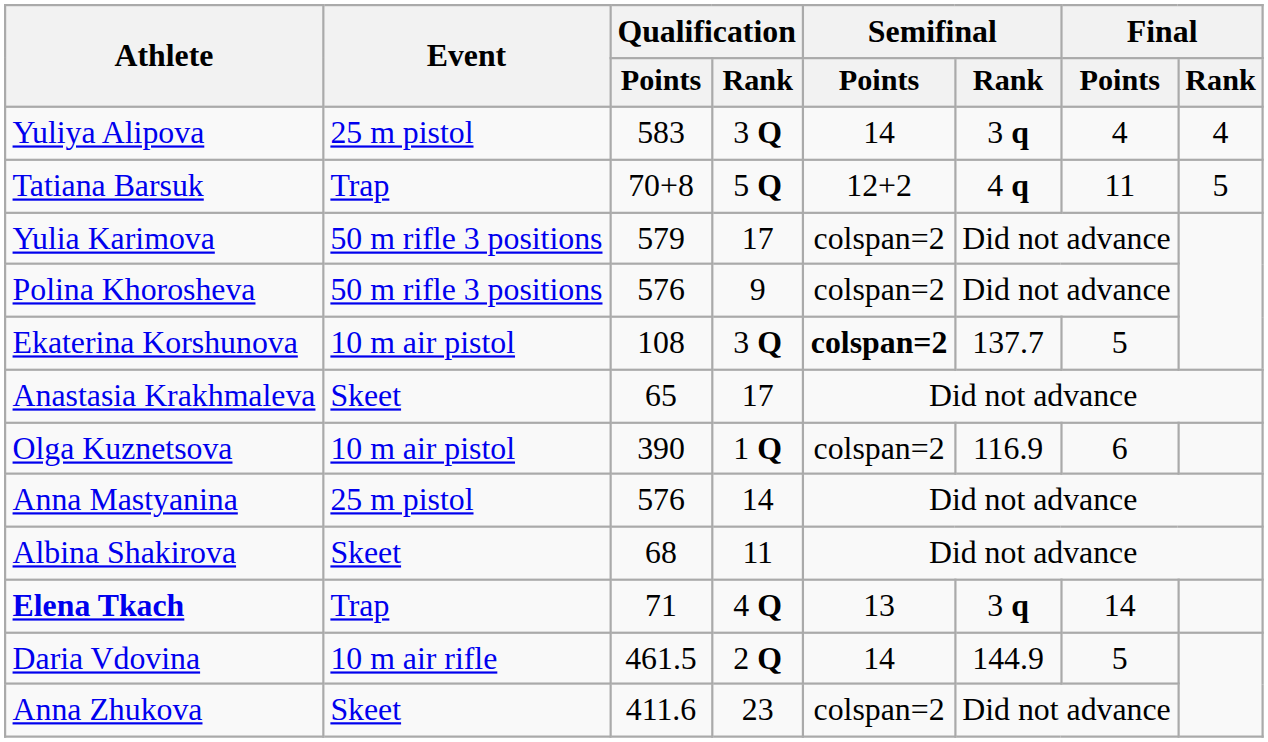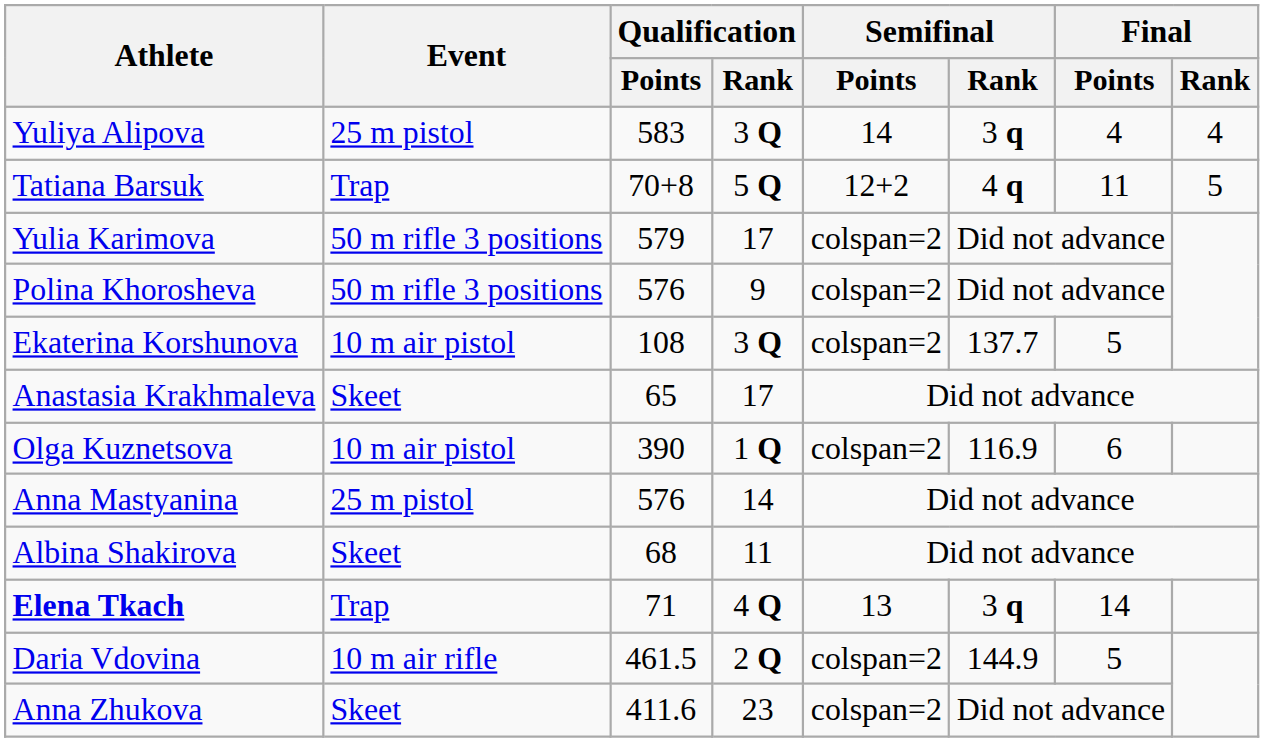 <table class="wikitable" style="text-align:center; font-size:90%">
 <tr>
 <th rowspan=2>Athlete</th>
 <th rowspan=2>Event</th>
 <th colspan=2>Qualification</th>
 <th colspan=2>Semifinal</th>
 <th colspan=2>Final</th>
 </tr>
 <tr style="font-size:95%">
 <th>Points</th>
 <th>Rank</th>
 <th>Points</th>
 <th>Rank</th>
 <th>Points</th>
 <th>Rank</th>
 </tr>
 <tr>
 <td align=left><a href='#'>Yuliya Alipova</a></td>
 <td align=left><a href='#'>25 m pistol</a></td>
 <td>583</td>
 <td>3 <strong>Q</strong></td>
 <td>14</td>
 <td>3 <strong>q</strong></td>
 <td>4</td>
 <td>4</td>
 </tr>
 <tr>
 <td align=left><a href='#'>Tatiana Barsuk</a></td>
 <td align=left><a href='#'>Trap</a></td>
 <td>70+8</td>
 <td>5 <strong>Q</strong></td>
 <td>12+2</td>
 <td>4 <strong>q</strong></td>
 <td>11</td>
 <td>5</td>
 </tr>
 <tr>
 <td align=left><a href='#'>Yulia Karimova</a></td>
 <td align=left><a href='#'>50 m rifle 3 positions</a></td>
 <td>579</td>
 <td>17</td>
 <td>colspan=2 </td>
 <td colspan=2>Did not advance</td>
 </tr>
 <tr>
 <td align=left><a href='#'>Polina Khorosheva</a></td>
 <td align=left><a href='#'>50 m rifle 3 positions</a></td>
 <td>576</td>
 <td>9</td>
 <td>colspan=2 </td>
 <td colspan=2>Did not advance</td>
 </tr>
 <tr>
 <td align=left><a href='#'>Ekaterina Korshunova</a></td>
 <td align=left><a href='#'>10 m air pistol</a></td>
 <td>108</td>
 <td>3 <strong>Q</strong></td>
-<td><strong>colspan=2 </strong></td>
+<td>colspan=2 </td>
 <td>137.7</td>
 <td>5</td>
 </tr>
 <tr>
 <td align=left><a href='#'>Anastasia Krakhmaleva</a></td>
 <td align=left><a href='#'>Skeet</a></td>
 <td>65</td>
 <td>17</td>
 <td colspan=4>Did not advance</td>
 </tr>
 <tr>
 <td align=left><a href='#'>Olga Kuznetsova</a></td>
 <td align=left><a href='#'>10 m air pistol</a></td>
 <td>390</td>
 <td>1 <strong>Q</strong></td>
 <td>colspan=2 </td>
 <td>116.9</td>
 <td>6</td>
 </tr>
 <tr>
 <td align=left><a href='#'>Anna Mastyanina</a></td>
 <td align=left><a href='#'>25 m pistol</a></td>
 <td>576</td>
 <td>14</td>
 <td colspan=4>Did not advance</td>
 </tr>
 <tr>
 <td align=left><a href='#'>Albina Shakirova</a></td>
 <td align=left><a href='#'>Skeet</a></td>
 <td>68</td>
 <td>11</td>
 <td colspan=4>Did not advance</td>
 </tr>
 <tr>
 <td align=left><strong><a href='#'>Elena Tkach</a></strong></td>
 <td align=left><a href='#'>Trap</a></td>
 <td>71</td>
 <td>4 <strong>Q</strong></td>
 <td>13</td>
 <td>3 <strong>q</strong></td>
 <td>14</td>
 <td></td>
 </tr>
 <tr>
 <td align=left><a href='#'>Daria Vdovina</a></td>
 <td align=left><a href='#'>10 m air rifle</a></td>
 <td>461.5</td>
 <td>2 <strong>Q</strong></td>
-<td>14</td>
+<td>colspan=2 </td>
 <td>144.9</td>
 <td>5</td>
 </tr>
 <tr>
 <td align=left><a href='#'>Anna Zhukova</a></td>
 <td align=left><a href='#'>Skeet</a></td>
 <td>411.6</td>
 <td>23</td>
 <td>colspan=2 </td>
 <td colspan=2>Did not advance</td>
 </tr>
 </table>
